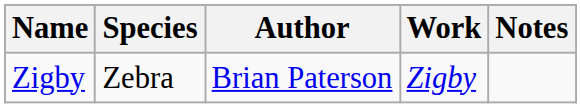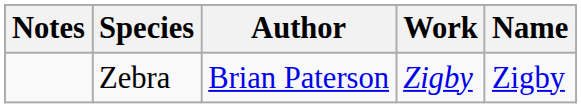 <table class="wikitable sortable">
 <tr>
-<th>Name</th>
+<th>Notes</th>
 <th>Species</th>
 <th>Author</th>
 <th>Work</th>
-<th>Notes</th>
+<th>Name</th>
 </tr>
 <tr>
-<td><a href='#'>Zigby</a></td>
+<td></td>
 <td>Zebra</td>
 <td><a href='#'>Brian Paterson</a></td>
 <td><em><a href='#'>Zigby</a></em></td>
-<td></td>
+<td><a href='#'>Zigby</a></td>
 </tr>
 </table>
